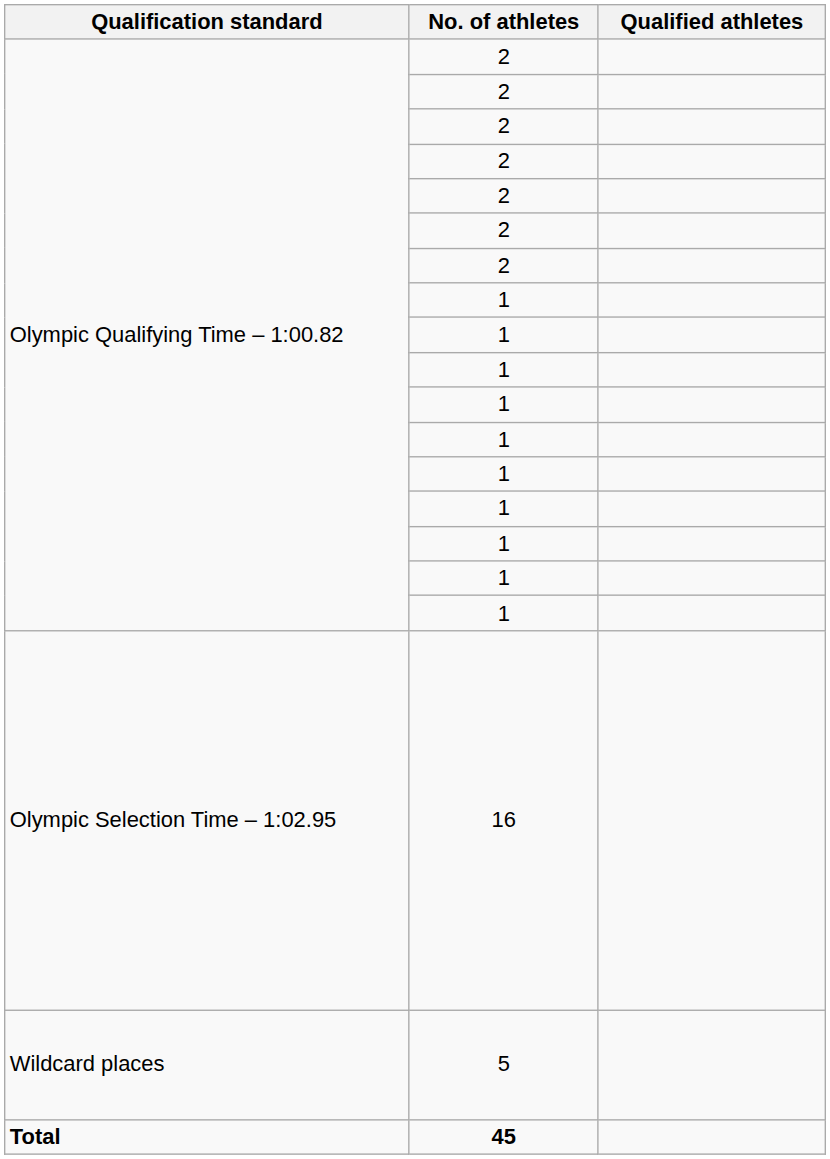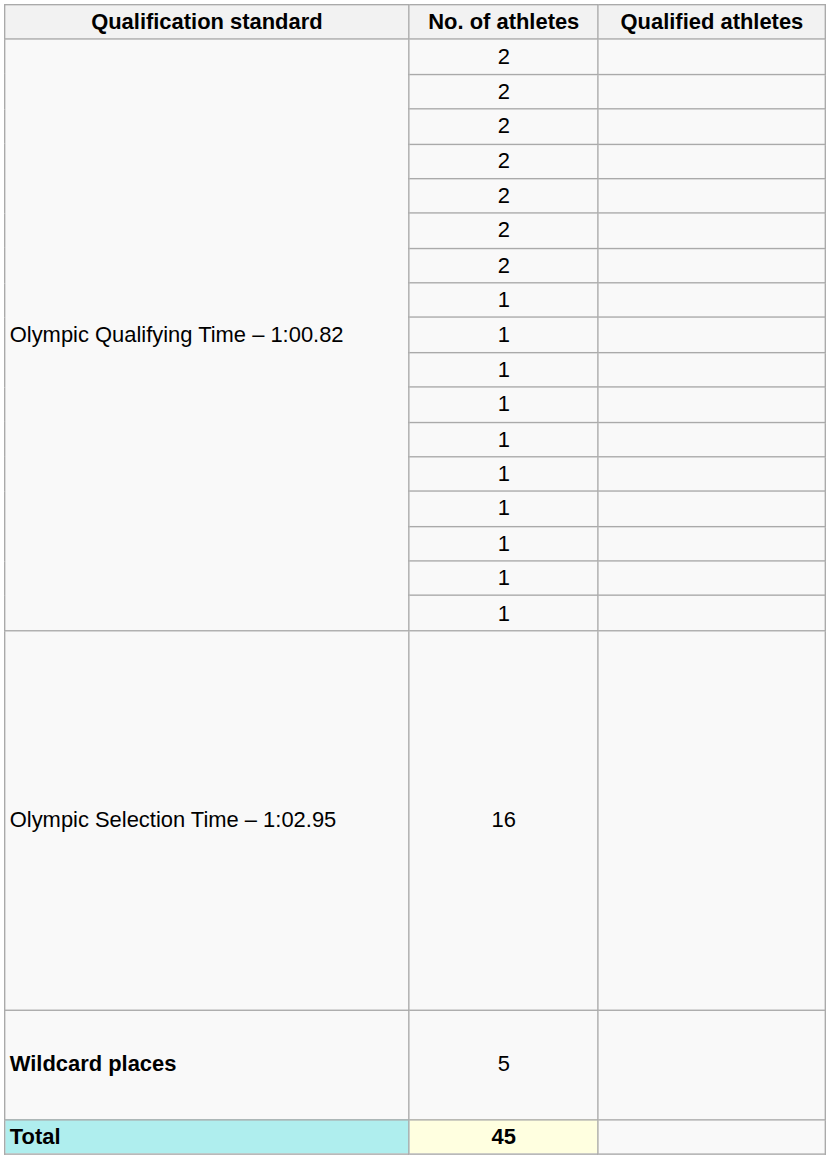 <table class=wikitable style="text-align:left" width=600>
 <tr>
 <th>Qualification standard</th>
 <th>No. of athletes</th>
 <th>Qualified athletes</th>
 </tr>
 <tr>
 <td rowspan="17">Olympic Qualifying Time – 1:00.82</td>
 <td align=center>2</td>
 <td><br></td>
 </tr>
 <tr>
 <td align=center>2</td>
 <td><br></td>
 </tr>
 <tr>
 <td align=center>2</td>
 <td><br></td>
 </tr>
 <tr>
 <td align=center>2</td>
 <td><br></td>
 </tr>
 <tr>
 <td align=center>2</td>
 <td><br></td>
 </tr>
 <tr>
 <td align=center>2</td>
 <td><br></td>
 </tr>
 <tr>
 <td align=center>2</td>
 <td><br></td>
 </tr>
 <tr>
 <td align=center>1</td>
 <td></td>
 </tr>
 <tr>
 <td align=center>1</td>
 <td></td>
 </tr>
 <tr>
 <td align=center>1</td>
 <td></td>
 </tr>
 <tr>
 <td align=center>1</td>
 <td></td>
 </tr>
 <tr>
 <td align=center>1</td>
 <td></td>
 </tr>
 <tr>
 <td align=center>1</td>
 <td></td>
 </tr>
 <tr>
 <td align=center>1</td>
 <td></td>
 </tr>
 <tr>
 <td align=center>1</td>
 <td></td>
 </tr>
 <tr>
 <td align=center>1</td>
 <td></td>
 </tr>
 <tr>
 <td align=center>1</td>
 <td></td>
 </tr>
 <tr>
 <td rowspan="1">Olympic Selection Time – 1:02.95</td>
 <td align=center>16</td>
 <td><br><br> <br><br><br><br><br><br><br> <br><br>  <br> <br>  <br> <br></td>
 </tr>
 <tr>
-<td rowspan="1">Wildcard places</td>
+<td rowspan="1"><strong>Wildcard places</strong></td>
 <td align=center>5</td>
 <td><br><br><br><br></td>
 </tr>
 <tr>
-<td><strong>Total</strong></td>
-<td align=center><strong>45</strong></td>
+<td style="background: paleturquoise;"><strong>Total</strong></td>
+<td align=center style="background: lightyellow;"><strong>45</strong></td>
 <td></td>
 </tr>
 </table>
